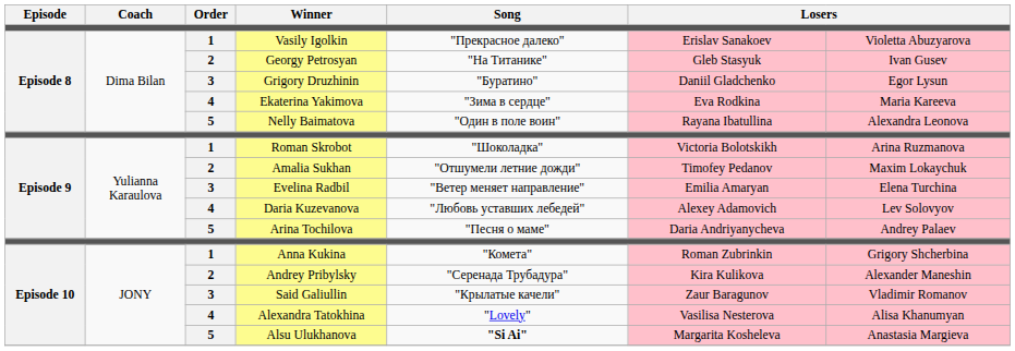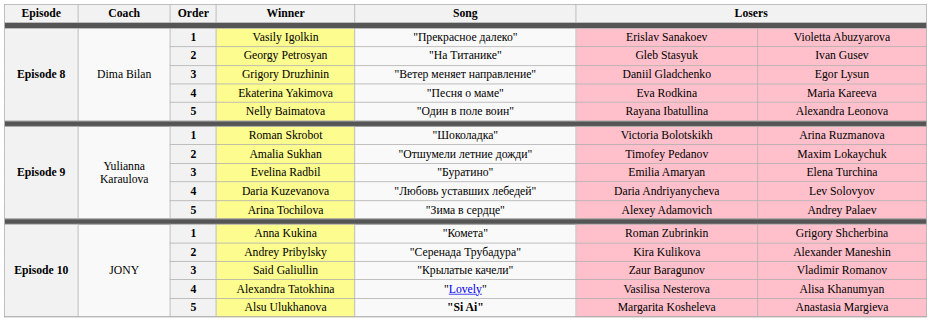 <table class="wikitable" style="text-align: center; width:100%;">
 <tr>
 <th style="width:08%;">Episode</th>
 <th style="width:10%;">Coach</th>
 <th style="width:05%;">Order</th>
 <th style="width:15%;">Winner</th>
 <th style="width:24%;">Song</th>
 <th colspan=2 style="width:29%:">Losers</th>
 </tr>
 <tr>
 <td colspan=7 style="background:#555;"></td>
 </tr>
 <tr>
 <th rowspan=5>Episode 8<br><small></small></th>
 <td rowspan=5>Dima Bilan</td>
 <th>1</th>
 <td style="background:#fdfc8f;">Vasily Igolkin</td>
 <td>"Прекрасное далеко"</td>
 <td style="background:pink;">Erislav Sanakoev</td>
 <td style="background:pink;">Violetta Abuzyarova</td>
 </tr>
 <tr>
 <th>2</th>
 <td style="background:#fdfc8f;">Georgy Petrosyan</td>
 <td>"На Титанике"</td>
 <td style="background:pink;">Gleb Stasyuk</td>
 <td style="background:pink;">Ivan Gusev</td>
 </tr>
 <tr>
 <th>3</th>
 <td style="background:#fdfc8f;">Grigory Druzhinin</td>
-<td>"Буратино"</td>
+<td>"Ветер меняет направление"</td>
 <td style="background:pink;">Daniil Gladchenko</td>
 <td style="background:pink;">Egor Lysun</td>
 </tr>
 <tr>
 <th>4</th>
 <td style="background:#fdfc8f;">Ekaterina Yakimova</td>
-<td>"Зима в сердце"</td>
+<td>"Песня о маме"</td>
 <td style="background:pink;">Eva Rodkina</td>
 <td style="background:pink;">Maria Kareeva</td>
 </tr>
 <tr>
 <th>5</th>
 <td style="background:#fdfc8f;">Nelly Baimatova</td>
 <td>"Один в поле воин"</td>
 <td style="background:pink;">Rayana Ibatullina</td>
 <td style="background:pink;">Alexandra Leonova</td>
 </tr>
 <tr>
 <td colspan=7 style="background:#555;"></td>
 </tr>
 <tr>
 <th rowspan=5>Episode 9<br><small></small></th>
 <td rowspan=5>Yulianna Karaulova</td>
 <th>1</th>
 <td style="background:#fdfc8f;">Roman Skrobot</td>
 <td>"Шоколадка"</td>
 <td style="background:pink;">Victoria Bolotskikh</td>
 <td style="background:pink;">Arina Ruzmanova</td>
 </tr>
 <tr>
 <th>2</th>
 <td style="background:#fdfc8f;">Amalia Sukhan</td>
 <td>"Отшумели летние дожди"</td>
 <td style="background:pink;">Timofey Pedanov</td>
 <td style="background:pink;">Maxim Lokaychuk</td>
 </tr>
 <tr>
 <th>3</th>
 <td style="background:#fdfc8f;">Evelina Radbil</td>
-<td>"Ветер меняет направление"</td>
+<td>"Буратино"</td>
 <td style="background:pink;">Emilia Amaryan</td>
 <td style="background:pink;">Elena Turchina</td>
 </tr>
 <tr>
 <th>4</th>
 <td style="background:#fdfc8f;">Daria Kuzevanova</td>
 <td>"Любовь уставших лебедей"</td>
-<td style="background:pink;">Alexey Adamovich</td>
+<td style="background:pink;">Daria Andriyanycheva</td>
 <td style="background:pink;">Lev Solovyov</td>
 </tr>
 <tr>
 <th>5</th>
 <td style="background:#fdfc8f;">Arina Tochilova</td>
-<td>"Песня о маме"</td>
-<td style="background:pink;">Daria Andriyanycheva</td>
+<td>"Зима в сердце"</td>
+<td style="background:pink;">Alexey Adamovich</td>
 <td style="background:pink;">Andrey Palaev</td>
 </tr>
 <tr>
 <td colspan=7 style="background:#555;"></td>
 </tr>
 <tr>
 <th rowspan=5>Episode 10<br><small></small></th>
 <td rowspan=5>JONY</td>
 <th>1</th>
 <td style="background:#fdfc8f;">Anna Kukina</td>
 <td>"Комета"</td>
 <td style="background:pink;">Roman Zubrinkin</td>
 <td style="background:pink;">Grigory Shcherbina</td>
 </tr>
 <tr>
 <th>2</th>
 <td style="background:#fdfc8f;">Andrey Pribylsky</td>
 <td>"Серенада Трубадура"</td>
 <td style="background:pink;">Kira Kulikova</td>
 <td style="background:pink;">Alexander Maneshin</td>
 </tr>
 <tr>
 <th>3</th>
 <td style="background:#fdfc8f;">Said Galiullin</td>
 <td>"Крылатые качели"</td>
 <td style="background:pink;">Zaur Baragunov</td>
 <td style="background:pink;">Vladimir Romanov</td>
 </tr>
 <tr>
 <th>4</th>
 <td style="background:#fdfc8f;">Alexandra Tatokhina</td>
 <td>"<a href='#'>Lovely</a>"</td>
 <td style="background:pink;">Vasilisa Nesterova</td>
 <td style="background:pink;">Alisa Khanumyan</td>
 </tr>
 <tr>
 <th>5</th>
 <td style="background:#fdfc8f;">Alsu Ulukhanova</td>
 <td><strong>"Si Ai"</strong></td>
 <td style="background:pink;">Margarita Kosheleva</td>
 <td style="background:pink;">Anastasia Margieva</td>
 </tr>
 <tr>
 </tr>
 </table>
